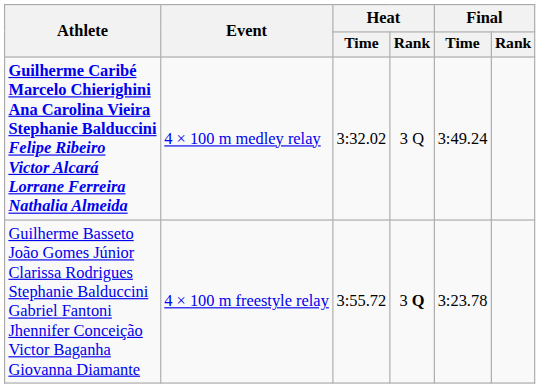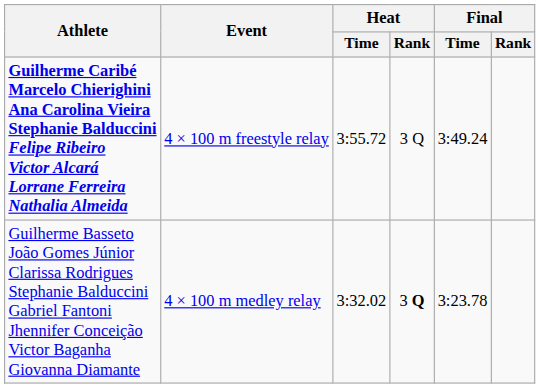 <table class=wikitable style=font-size:90%;text-align:center>
 <tr>
 <th rowspan=2>Athlete</th>
 <th rowspan=2>Event</th>
 <th colspan=2>Heat</th>
 <th colspan=2>Final</th>
 </tr>
 <tr style=font-size:95%>
 <th>Time</th>
 <th>Rank</th>
 <th>Time</th>
 <th>Rank</th>
 </tr>
 <tr>
 <td align=left><strong><a href='#'>Guilherme Caribé</a><br><a href='#'>Marcelo Chierighini</a><br><a href='#'>Ana Carolina Vieira</a><br><a href='#'>Stephanie Balduccini</a><br><em><a href='#'>Felipe Ribeiro</a></em><br><em><a href='#'>Victor Alcará</a></em><br><em><a href='#'>Lorrane Ferreira</a></em><br><em><a href='#'>Nathalia Almeida</a><strong><em></td>
-<td align=left><a href='#'>4 × 100 m medley relay</a></td>
-<td>3:32.02</td>
+<td align=left><a href='#'>4 × 100 m freestyle relay</a></td>
+<td>3:55.72</td>
 <td>3 </strong>Q<strong></td>
 <td>3:49.24</td>
 <td></td>
 </tr>
 <tr>
 <td align=left></strong><a href='#'>Guilherme Basseto</a><br><a href='#'>João Gomes Júnior</a><br><a href='#'>Clarissa Rodrigues</a><br><a href='#'>Stephanie Balduccini</a><br></em><a href='#'>Gabriel Fantoni</a><em><br></em><a href='#'>Jhennifer Conceição</a><em><br></em><a href='#'>Victor Baganha</a><em><br></em><a href='#'>Giovanna Diamante</a></em></strong></td>
-<td align=left><a href='#'>4 × 100 m freestyle relay</a></td>
-<td>3:55.72</td>
+<td align=left><a href='#'>4 × 100 m medley relay</a></td>
+<td>3:32.02</td>
 <td>3 <strong>Q</strong></td>
 <td>3:23.78</td>
 <td></td>
 </tr>
 </table>
